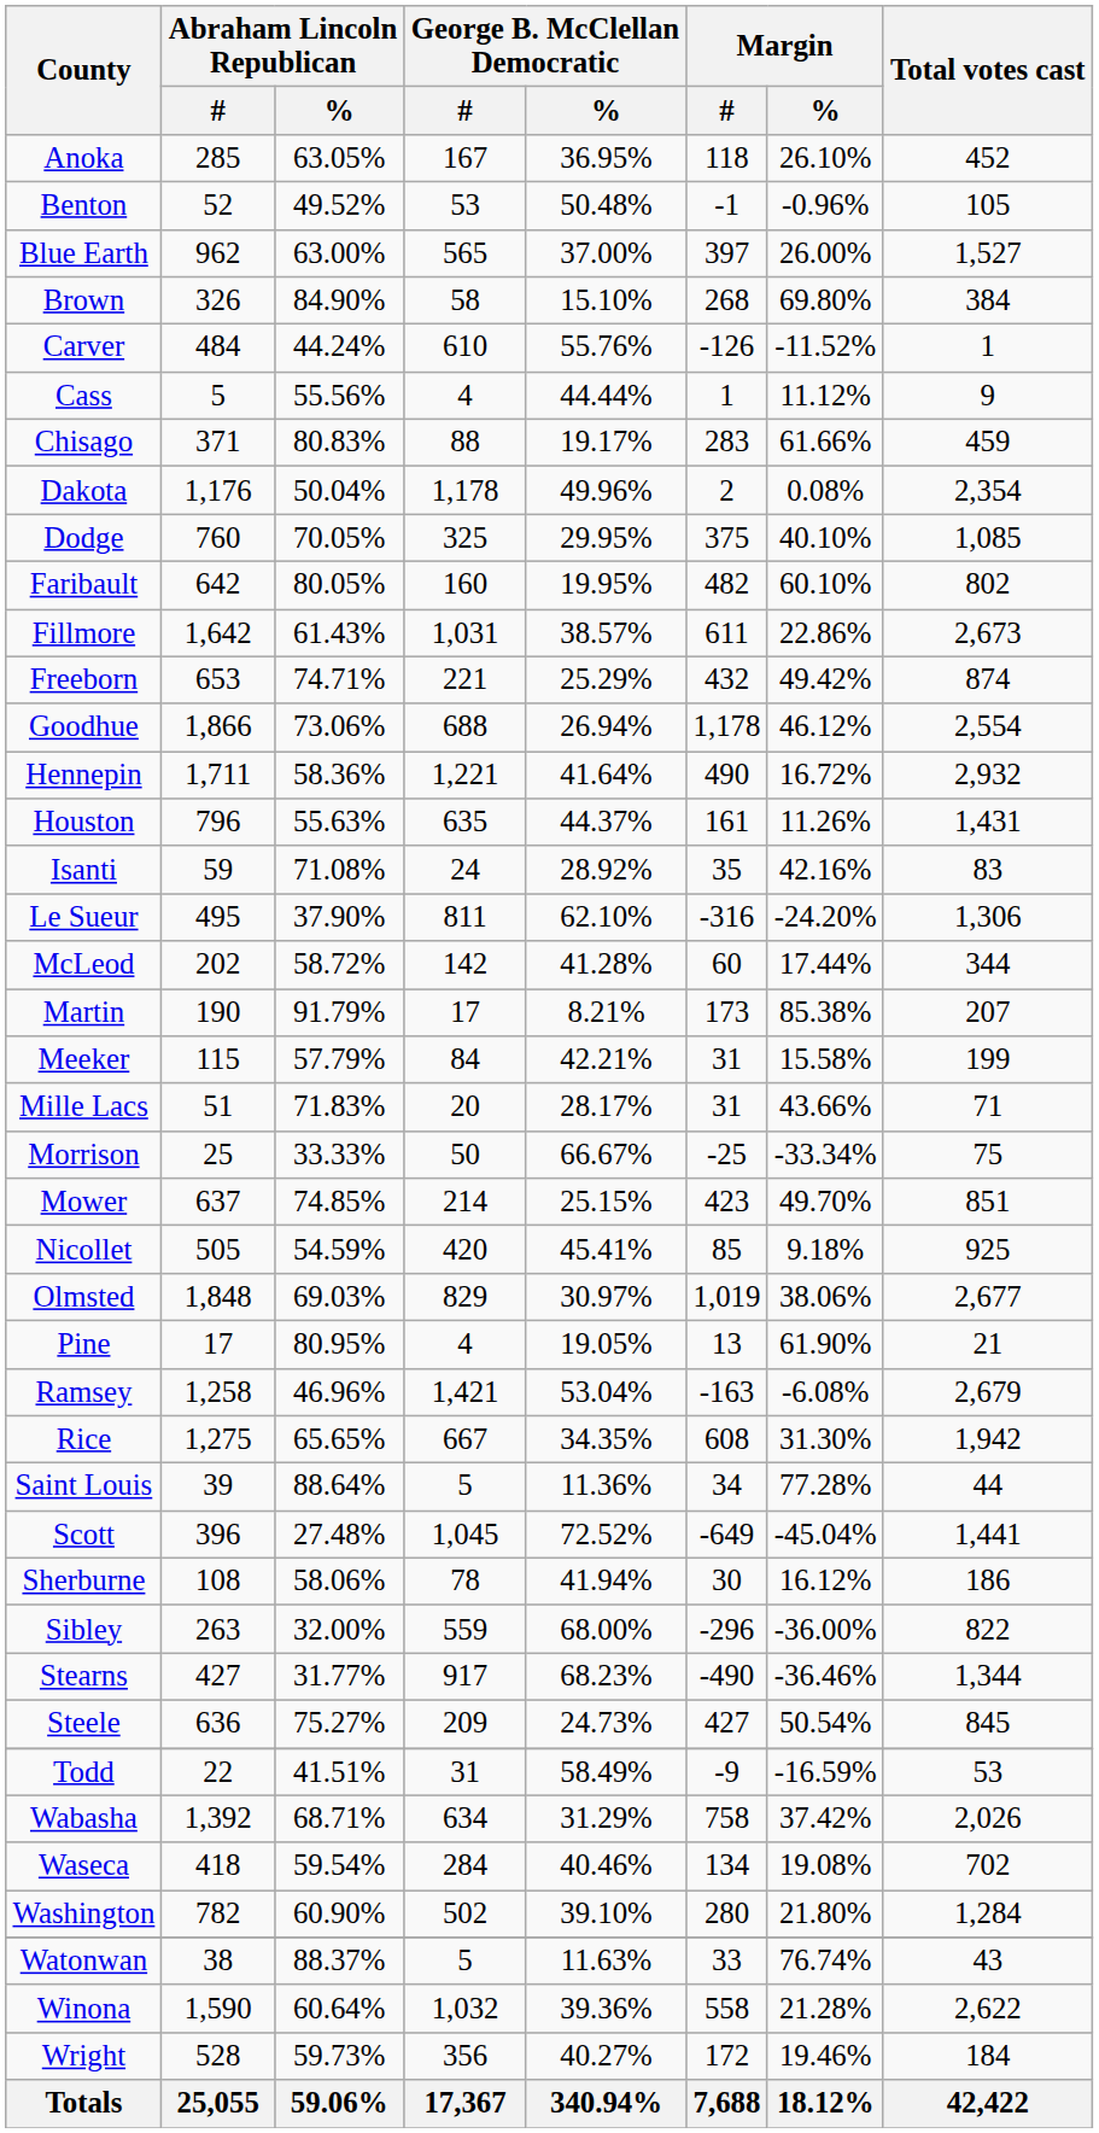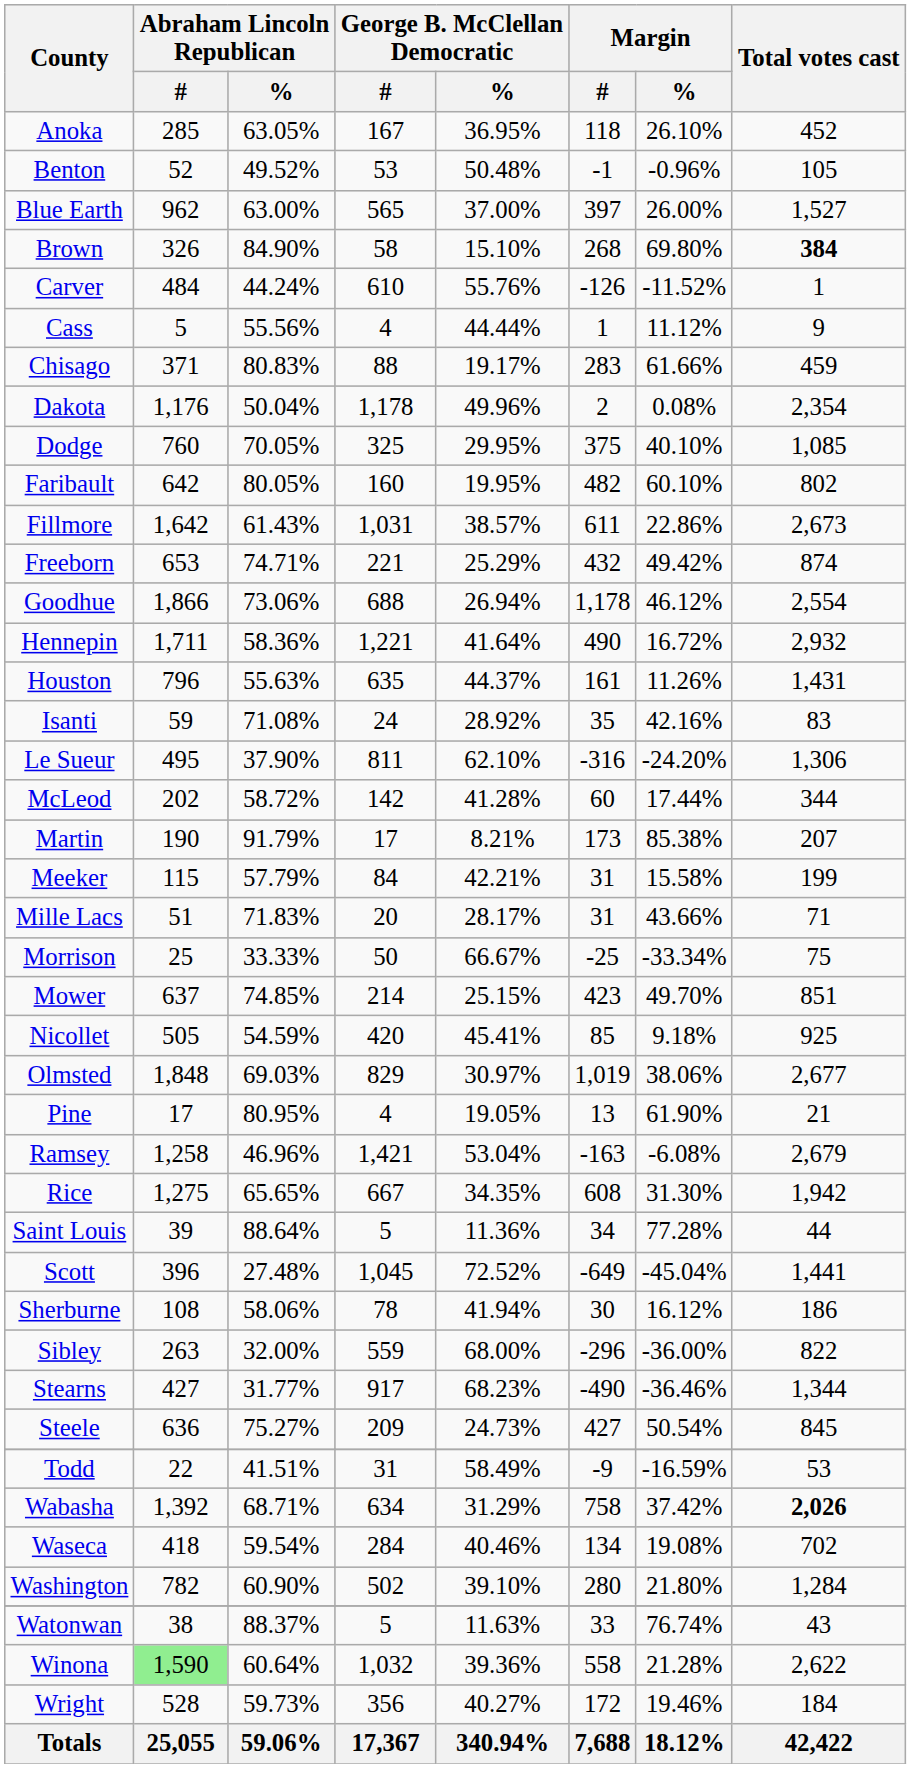 <table class="wikitable sortable">
 <tr>
 <th style="text-align:center;" rowspan="2">County</th>
 <th style="text-align:center;" colspan="2">Abraham Lincoln<br>Republican</th>
 <th style="text-align:center;" colspan="2">George B. McClellan<br>Democratic</th>
 <th style="text-align:center;" colspan="2">Margin</th>
 <th style="text-align:center;" rowspan="2">Total votes cast</th>
 </tr>
 <tr>
 <th style="text-align:center;" data-sort-type="number">#</th>
 <th style="text-align:center;" data-sort-type="number">%</th>
 <th style="text-align:center;" data-sort-type="number">#</th>
 <th style="text-align:center;" data-sort-type="number">%</th>
 <th style="text-align:center;" data-sort-type="number">#</th>
 <th style="text-align:center;" data-sort-type="number">%</th>
 </tr>
 <tr style="text-align:center;">
 <td><a href='#'>Anoka</a></td>
 <td>285</td>
 <td>63.05%</td>
 <td>167</td>
 <td>36.95%</td>
 <td>118</td>
 <td>26.10%</td>
 <td>452</td>
 </tr>
 <tr style="text-align:center;">
 <td><a href='#'>Benton</a></td>
 <td>52</td>
 <td>49.52%</td>
 <td>53</td>
 <td>50.48%</td>
 <td>-1</td>
 <td>-0.96%</td>
 <td>105</td>
 </tr>
 <tr style="text-align:center;">
 <td><a href='#'>Blue Earth</a></td>
 <td>962</td>
 <td>63.00%</td>
 <td>565</td>
 <td>37.00%</td>
 <td>397</td>
 <td>26.00%</td>
 <td>1,527</td>
 </tr>
 <tr style="text-align:center;">
 <td><a href='#'>Brown</a></td>
 <td>326</td>
 <td>84.90%</td>
 <td>58</td>
 <td>15.10%</td>
 <td>268</td>
 <td>69.80%</td>
-<td>384</td>
+<td><strong>384</strong></td>
 </tr>
 <tr style="text-align:center;">
 <td><a href='#'>Carver</a></td>
 <td>484</td>
 <td>44.24%</td>
 <td>610</td>
 <td>55.76%</td>
 <td>-126</td>
 <td>-11.52%</td>
 <td>1</td>
 </tr>
 <tr style="text-align:center;">
 <td><a href='#'>Cass</a></td>
 <td>5</td>
 <td>55.56%</td>
 <td>4</td>
 <td>44.44%</td>
 <td>1</td>
 <td>11.12%</td>
 <td>9</td>
 </tr>
 <tr style="text-align:center;">
 <td><a href='#'>Chisago</a></td>
 <td>371</td>
 <td>80.83%</td>
 <td>88</td>
 <td>19.17%</td>
 <td>283</td>
 <td>61.66%</td>
 <td>459</td>
 </tr>
 <tr style="text-align:center;">
 <td><a href='#'>Dakota</a></td>
 <td>1,176</td>
 <td>50.04%</td>
 <td>1,178</td>
 <td>49.96%</td>
 <td>2</td>
 <td>0.08%</td>
 <td>2,354</td>
 </tr>
 <tr style="text-align:center;">
 <td><a href='#'>Dodge</a></td>
 <td>760</td>
 <td>70.05%</td>
 <td>325</td>
 <td>29.95%</td>
 <td>375</td>
 <td>40.10%</td>
 <td>1,085</td>
 </tr>
 <tr style="text-align:center;">
 <td><a href='#'>Faribault</a></td>
 <td>642</td>
 <td>80.05%</td>
 <td>160</td>
 <td>19.95%</td>
 <td>482</td>
 <td>60.10%</td>
 <td>802</td>
 </tr>
 <tr style="text-align:center;">
 <td><a href='#'>Fillmore</a></td>
 <td>1,642</td>
 <td>61.43%</td>
 <td>1,031</td>
 <td>38.57%</td>
 <td>611</td>
 <td>22.86%</td>
 <td>2,673</td>
 </tr>
 <tr style="text-align:center;">
 <td><a href='#'>Freeborn</a></td>
 <td>653</td>
 <td>74.71%</td>
 <td>221</td>
 <td>25.29%</td>
 <td>432</td>
 <td>49.42%</td>
 <td>874</td>
 </tr>
 <tr style="text-align:center;">
 <td><a href='#'>Goodhue</a></td>
 <td>1,866</td>
 <td>73.06%</td>
 <td>688</td>
 <td>26.94%</td>
 <td>1,178</td>
 <td>46.12%</td>
 <td>2,554</td>
 </tr>
 <tr style="text-align:center;">
 <td><a href='#'>Hennepin</a></td>
 <td>1,711</td>
 <td>58.36%</td>
 <td>1,221</td>
 <td>41.64%</td>
 <td>490</td>
 <td>16.72%</td>
 <td>2,932</td>
 </tr>
 <tr style="text-align:center;">
 <td><a href='#'>Houston</a></td>
 <td>796</td>
 <td>55.63%</td>
 <td>635</td>
 <td>44.37%</td>
 <td>161</td>
 <td>11.26%</td>
 <td>1,431</td>
 </tr>
 <tr style="text-align:center;">
 <td><a href='#'>Isanti</a></td>
 <td>59</td>
 <td>71.08%</td>
 <td>24</td>
 <td>28.92%</td>
 <td>35</td>
 <td>42.16%</td>
 <td>83</td>
 </tr>
 <tr style="text-align:center;">
 <td><a href='#'>Le Sueur</a></td>
 <td>495</td>
 <td>37.90%</td>
 <td>811</td>
 <td>62.10%</td>
 <td>-316</td>
 <td>-24.20%</td>
 <td>1,306</td>
 </tr>
 <tr style="text-align:center;">
 <td><a href='#'>McLeod</a></td>
 <td>202</td>
 <td>58.72%</td>
 <td>142</td>
 <td>41.28%</td>
 <td>60</td>
 <td>17.44%</td>
 <td>344</td>
 </tr>
 <tr style="text-align:center;">
 <td><a href='#'>Martin</a></td>
 <td>190</td>
 <td>91.79%</td>
 <td>17</td>
 <td>8.21%</td>
 <td>173</td>
 <td>85.38%</td>
 <td>207</td>
 </tr>
 <tr style="text-align:center;">
 <td><a href='#'>Meeker</a></td>
 <td>115</td>
 <td>57.79%</td>
 <td>84</td>
 <td>42.21%</td>
 <td>31</td>
 <td>15.58%</td>
 <td>199</td>
 </tr>
 <tr style="text-align:center;">
 <td><a href='#'>Mille Lacs</a></td>
 <td>51</td>
 <td>71.83%</td>
 <td>20</td>
 <td>28.17%</td>
 <td>31</td>
 <td>43.66%</td>
 <td>71</td>
 </tr>
 <tr style="text-align:center;">
 <td><a href='#'>Morrison</a></td>
 <td>25</td>
 <td>33.33%</td>
 <td>50</td>
 <td>66.67%</td>
 <td>-25</td>
 <td>-33.34%</td>
 <td>75</td>
 </tr>
 <tr style="text-align:center;">
 <td><a href='#'>Mower</a></td>
 <td>637</td>
 <td>74.85%</td>
 <td>214</td>
 <td>25.15%</td>
 <td>423</td>
 <td>49.70%</td>
 <td>851</td>
 </tr>
 <tr style="text-align:center;">
 <td><a href='#'>Nicollet</a></td>
 <td>505</td>
 <td>54.59%</td>
 <td>420</td>
 <td>45.41%</td>
 <td>85</td>
 <td>9.18%</td>
 <td>925</td>
 </tr>
 <tr style="text-align:center;">
 <td><a href='#'>Olmsted</a></td>
 <td>1,848</td>
 <td>69.03%</td>
 <td>829</td>
 <td>30.97%</td>
 <td>1,019</td>
 <td>38.06%</td>
 <td>2,677</td>
 </tr>
 <tr style="text-align:center;">
 <td><a href='#'>Pine</a></td>
 <td>17</td>
 <td>80.95%</td>
 <td>4</td>
 <td>19.05%</td>
 <td>13</td>
 <td>61.90%</td>
 <td>21</td>
 </tr>
 <tr style="text-align:center;">
 <td><a href='#'>Ramsey</a></td>
 <td>1,258</td>
 <td>46.96%</td>
 <td>1,421</td>
 <td>53.04%</td>
 <td>-163</td>
 <td>-6.08%</td>
 <td>2,679</td>
 </tr>
 <tr style="text-align:center;">
 <td><a href='#'>Rice</a></td>
 <td>1,275</td>
 <td>65.65%</td>
 <td>667</td>
 <td>34.35%</td>
 <td>608</td>
 <td>31.30%</td>
 <td>1,942</td>
 </tr>
 <tr style="text-align:center;">
 <td><a href='#'>Saint Louis</a></td>
 <td>39</td>
 <td>88.64%</td>
 <td>5</td>
 <td>11.36%</td>
 <td>34</td>
 <td>77.28%</td>
 <td>44</td>
 </tr>
 <tr style="text-align:center;">
 <td><a href='#'>Scott</a></td>
 <td>396</td>
 <td>27.48%</td>
 <td>1,045</td>
 <td>72.52%</td>
 <td>-649</td>
 <td>-45.04%</td>
 <td>1,441</td>
 </tr>
 <tr style="text-align:center;">
 <td><a href='#'>Sherburne</a></td>
 <td>108</td>
 <td>58.06%</td>
 <td>78</td>
 <td>41.94%</td>
 <td>30</td>
 <td>16.12%</td>
 <td>186</td>
 </tr>
 <tr style="text-align:center;">
 <td><a href='#'>Sibley</a></td>
 <td>263</td>
 <td>32.00%</td>
 <td>559</td>
 <td>68.00%</td>
 <td>-296</td>
 <td>-36.00%</td>
 <td>822</td>
 </tr>
 <tr style="text-align:center;">
 <td><a href='#'>Stearns</a></td>
 <td>427</td>
 <td>31.77%</td>
 <td>917</td>
 <td>68.23%</td>
 <td>-490</td>
 <td>-36.46%</td>
 <td>1,344</td>
 </tr>
 <tr style="text-align:center;">
 <td><a href='#'>Steele</a></td>
 <td>636</td>
 <td>75.27%</td>
 <td>209</td>
 <td>24.73%</td>
 <td>427</td>
 <td>50.54%</td>
 <td>845</td>
 </tr>
 <tr style="text-align:center;">
 </tr>
 <tr style="text-align:center;">
 <td><a href='#'>Todd</a></td>
 <td>22</td>
 <td>41.51%</td>
 <td>31</td>
 <td>58.49%</td>
 <td>-9</td>
 <td>-16.59%</td>
 <td>53</td>
 </tr>
 <tr style="text-align:center;">
 <td><a href='#'>Wabasha</a></td>
 <td>1,392</td>
 <td>68.71%</td>
 <td>634</td>
 <td>31.29%</td>
 <td>758</td>
 <td>37.42%</td>
-<td>2,026</td>
+<td><strong>2,026</strong></td>
 </tr>
 <tr style="text-align:center;">
 <td><a href='#'>Waseca</a></td>
 <td>418</td>
 <td>59.54%</td>
 <td>284</td>
 <td>40.46%</td>
 <td>134</td>
 <td>19.08%</td>
 <td>702</td>
 </tr>
 <tr style="text-align:center;">
 <td><a href='#'>Washington</a></td>
 <td>782</td>
 <td>60.90%</td>
 <td>502</td>
 <td>39.10%</td>
 <td>280</td>
 <td>21.80%</td>
 <td>1,284</td>
 </tr>
 <tr style="text-align:center;">
 </tr>
 <tr style="text-align:center;">
 <td><a href='#'>Watonwan</a></td>
 <td>38</td>
 <td>88.37%</td>
 <td>5</td>
 <td>11.63%</td>
 <td>33</td>
 <td>76.74%</td>
 <td>43</td>
 </tr>
 <tr style="text-align:center;">
 <td><a href='#'>Winona</a></td>
-<td>1,590</td>
+<td style="background: lightgreen;">1,590</td>
 <td>60.64%</td>
 <td>1,032</td>
 <td>39.36%</td>
 <td>558</td>
 <td>21.28%</td>
 <td>2,622</td>
 </tr>
 <tr style="text-align:center;">
 <td><a href='#'>Wright</a></td>
 <td>528</td>
 <td>59.73%</td>
 <td>356</td>
 <td>40.27%</td>
 <td>172</td>
 <td>19.46%</td>
 <td>184</td>
 </tr>
 <tr style="text-align:center;">
 <th>Totals</th>
 <th>25,055</th>
 <th>59.06%</th>
 <th>17,367</th>
 <th>340.94%</th>
 <th>7,688</th>
 <th>18.12%</th>
 <th>42,422</th>
 </tr>
 </table>
